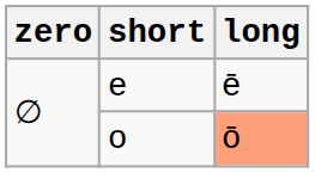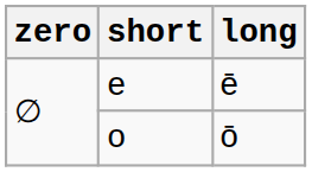 <table class="wikitable">
 <tr>
 <th>zero</th>
 <th>short</th>
 <th>long</th>
 </tr>
 <tr>
 <td rowspan=2>∅</td>
 <td>e</td>
 <td>ē</td>
 </tr>
 <tr>
 <td>o</td>
-<td style="background: lightsalmon;">ō</td>
+<td>ō</td>
 </tr>
 </table>
